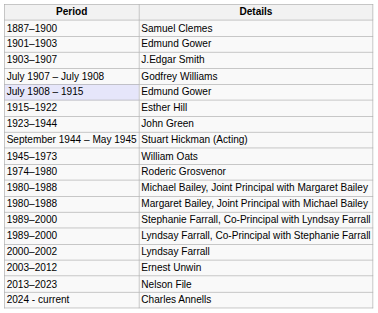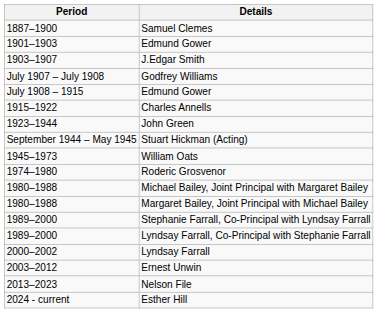 <table class="wikitable">
 <tr>
 <th>Period</th>
 <th>Details</th>
 </tr>
 <tr>
 <td>1887–1900</td>
 <td>Samuel Clemes</td>
 </tr>
 <tr>
 <td>1901–1903</td>
 <td>Edmund Gower</td>
 </tr>
 <tr>
 <td>1903–1907</td>
 <td>J.Edgar Smith</td>
 </tr>
 <tr>
 <td>July 1907 – July 1908</td>
 <td>Godfrey Williams</td>
 </tr>
 <tr>
-<td style="background: lavender;">July 1908 – 1915</td>
+<td>July 1908 – 1915</td>
 <td>Edmund Gower</td>
 </tr>
 <tr>
 <td>1915–1922</td>
-<td>Esther Hill</td>
+<td>Charles Annells</td>
 </tr>
 <tr>
 <td>1923–1944</td>
 <td>John Green</td>
 </tr>
 <tr>
 <td>September 1944 – May 1945</td>
 <td>Stuart Hickman (Acting)</td>
 </tr>
 <tr>
 <td>1945–1973</td>
 <td>William Oats</td>
 </tr>
 <tr>
 <td>1974–1980</td>
 <td>Roderic Grosvenor</td>
 </tr>
 <tr>
 <td>1980–1988</td>
 <td>Michael Bailey, Joint Principal with Margaret Bailey</td>
 </tr>
 <tr>
 <td>1980–1988</td>
 <td>Margaret Bailey, Joint Principal with Michael Bailey</td>
 </tr>
 <tr>
 <td>1989–2000</td>
 <td>Stephanie Farrall, Co-Principal with Lyndsay Farrall</td>
 </tr>
 <tr>
 <td>1989–2000</td>
 <td>Lyndsay Farrall, Co-Principal with Stephanie Farrall</td>
 </tr>
 <tr>
 <td>2000–2002</td>
 <td>Lyndsay Farrall</td>
 </tr>
 <tr>
 <td>2003–2012</td>
 <td>Ernest Unwin</td>
 </tr>
 <tr>
 <td>2013–2023</td>
 <td>Nelson File</td>
 </tr>
 <tr>
 <td>2024 - current</td>
-<td>Charles Annells</td>
+<td>Esther Hill</td>
 </tr>
 </table>
